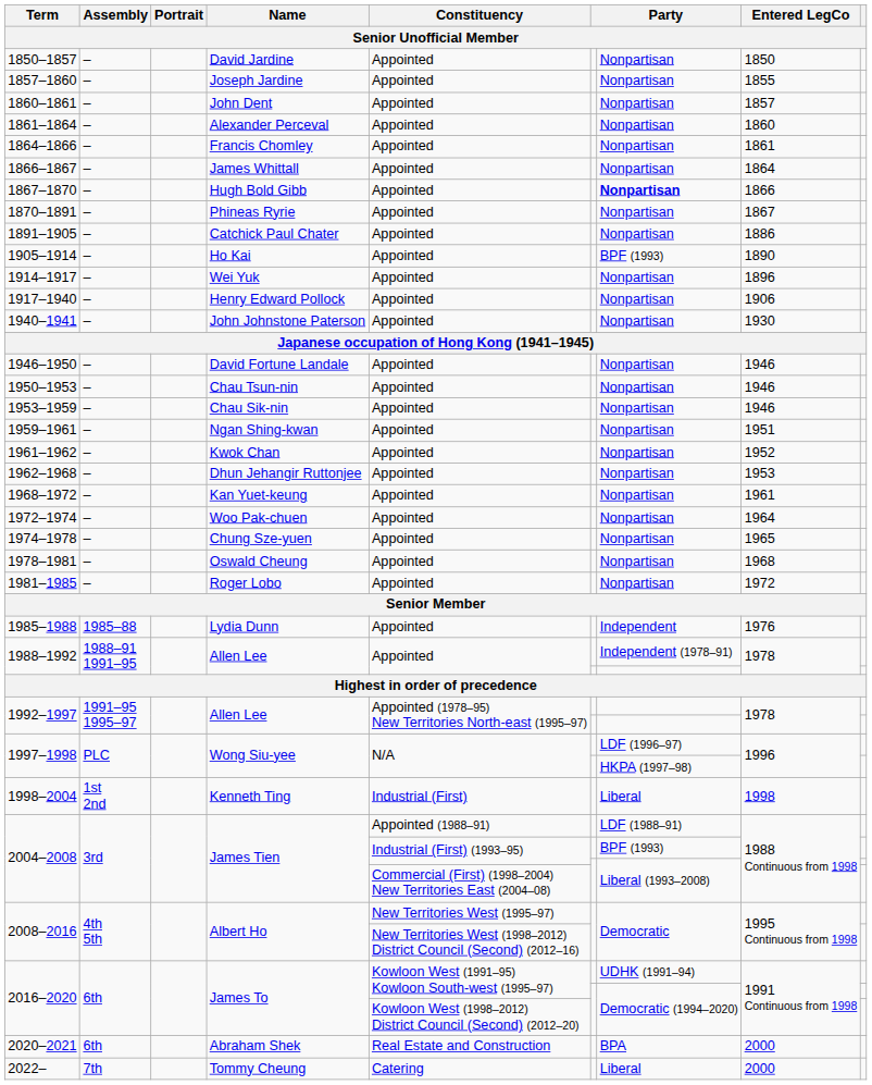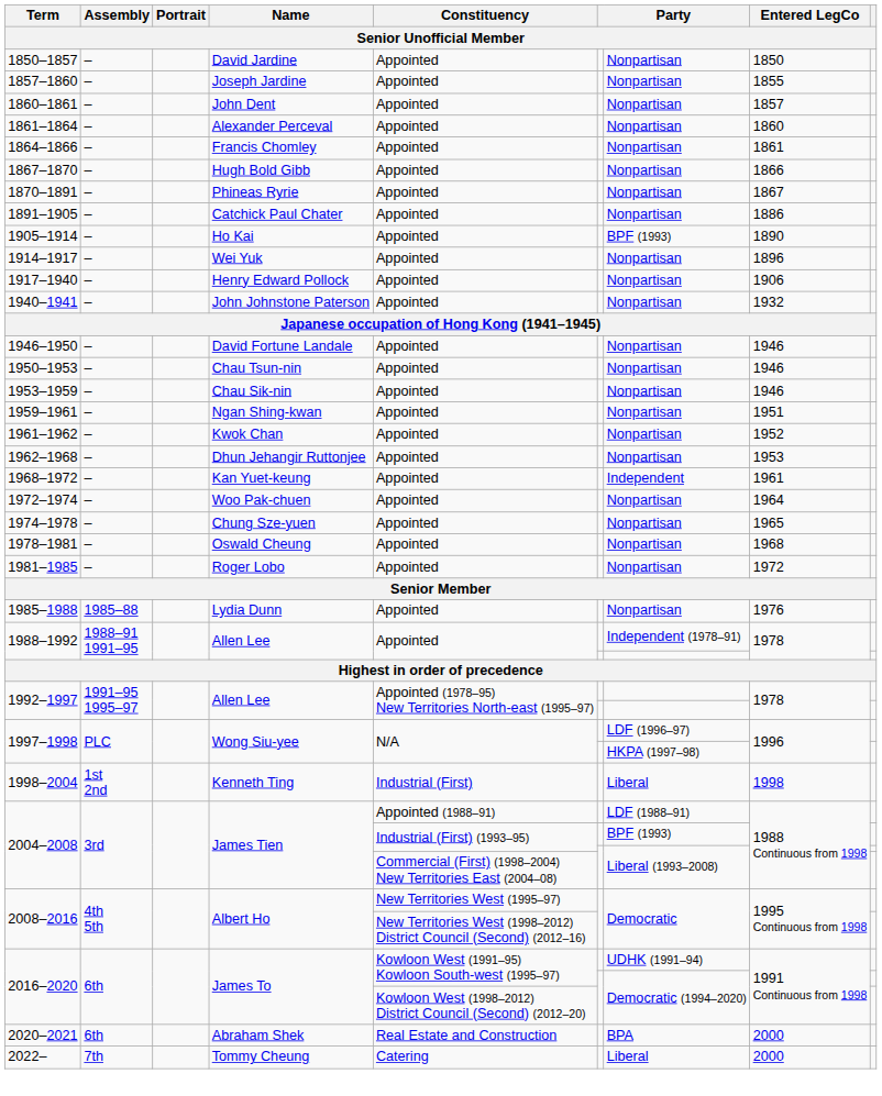 <table class="wikitable sortable">
 <tr>
 <th>Term</th>
 <th>Assembly</th>
 <th>Portrait</th>
 <th>Name</th>
 <th>Constituency</th>
 <th colspan=2>Party</th>
 <th>Entered LegCo</th>
 <th></th>
 </tr>
 <tr>
 <th colspan="9">Senior Unofficial Member</th>
 </tr>
 <tr>
 <td>1850–1857</td>
 <td>–</td>
 <td></td>
 <td><a href='#'>David Jardine</a></td>
 <td>Appointed</td>
 <td></td>
 <td><a href='#'>Nonpartisan</a></td>
 <td>1850</td>
 <td></td>
 </tr>
 <tr>
 <td>1857–1860</td>
 <td>–</td>
 <td></td>
 <td><a href='#'>Joseph Jardine</a></td>
 <td>Appointed</td>
 <td></td>
 <td><a href='#'>Nonpartisan</a></td>
 <td>1855</td>
 <td></td>
 </tr>
 <tr>
 <td>1860–1861</td>
 <td>–</td>
 <td></td>
 <td><a href='#'>John Dent</a></td>
 <td>Appointed</td>
 <td></td>
 <td><a href='#'>Nonpartisan</a></td>
 <td>1857</td>
 <td></td>
 </tr>
 <tr>
 <td>1861–1864</td>
 <td>–</td>
 <td></td>
 <td><a href='#'>Alexander Perceval</a></td>
 <td>Appointed</td>
 <td></td>
 <td><a href='#'>Nonpartisan</a></td>
 <td>1860</td>
 <td></td>
 </tr>
 <tr>
 <td>1864–1866</td>
 <td>–</td>
 <td></td>
 <td><a href='#'>Francis Chomley</a></td>
 <td>Appointed</td>
 <td></td>
 <td><a href='#'>Nonpartisan</a></td>
 <td>1861</td>
 <td></td>
 </tr>
 <tr>
-<td>1866–1867</td>
-<td>–</td>
-<td></td>
-<td><a href='#'>James Whittall</a></td>
-<td>Appointed</td>
-<td></td>
-<td><a href='#'>Nonpartisan</a></td>
-<td>1864</td>
-<td></td>
-</tr>
-<tr>
 <td>1867–1870</td>
 <td>–</td>
 <td></td>
 <td><a href='#'>Hugh Bold Gibb</a></td>
 <td>Appointed</td>
 <td></td>
-<td><strong><a href='#'>Nonpartisan</a></strong></td>
+<td><a href='#'>Nonpartisan</a></td>
 <td>1866</td>
 <td></td>
 </tr>
 <tr>
 <td>1870–1891</td>
 <td>–</td>
 <td></td>
 <td><a href='#'>Phineas Ryrie</a></td>
 <td>Appointed</td>
 <td></td>
 <td><a href='#'>Nonpartisan</a></td>
 <td>1867</td>
 <td></td>
 </tr>
 <tr>
 <td>1891–1905</td>
 <td>–</td>
 <td></td>
 <td><a href='#'>Catchick Paul Chater</a></td>
 <td>Appointed</td>
 <td></td>
 <td><a href='#'>Nonpartisan</a></td>
 <td>1886</td>
 <td></td>
 </tr>
 <tr>
 <td>1905–1914</td>
 <td>–</td>
 <td></td>
 <td><a href='#'>Ho Kai</a></td>
 <td>Appointed</td>
 <td></td>
 <td><a href='#'>BPF</a> <small>(1993)</small></td>
 <td>1890</td>
 <td></td>
 </tr>
 <tr>
 <td>1914–1917</td>
 <td>–</td>
 <td></td>
 <td><a href='#'>Wei Yuk</a></td>
 <td>Appointed</td>
 <td></td>
 <td><a href='#'>Nonpartisan</a></td>
 <td>1896</td>
 <td></td>
 </tr>
 <tr>
 <td>1917–1940</td>
 <td>–</td>
 <td></td>
 <td><a href='#'>Henry Edward Pollock</a></td>
 <td>Appointed</td>
 <td></td>
 <td><a href='#'>Nonpartisan</a></td>
 <td>1906</td>
 <td></td>
 </tr>
 <tr>
 <td>1940–<a href='#'>1941</a></td>
 <td>–</td>
 <td></td>
 <td><a href='#'>John Johnstone Paterson</a></td>
 <td>Appointed</td>
 <td></td>
 <td><a href='#'>Nonpartisan</a></td>
-<td>1930</td>
+<td>1932</td>
 <td></td>
 </tr>
 <tr>
 <th colspan="9"><a href='#'>Japanese occupation of Hong Kong</a> (1941–1945)</th>
 </tr>
 <tr>
 <td>1946–1950</td>
 <td>–</td>
 <td></td>
 <td><a href='#'>David Fortune Landale</a></td>
 <td>Appointed</td>
 <td></td>
 <td><a href='#'>Nonpartisan</a></td>
 <td>1946</td>
 <td></td>
 </tr>
 <tr>
 <td>1950–1953</td>
 <td>–</td>
 <td></td>
 <td><a href='#'>Chau Tsun-nin</a></td>
 <td>Appointed</td>
 <td></td>
 <td><a href='#'>Nonpartisan</a></td>
 <td>1946</td>
 <td></td>
 </tr>
 <tr>
 <td>1953–1959</td>
 <td>–</td>
 <td></td>
 <td><a href='#'>Chau Sik-nin</a></td>
 <td>Appointed</td>
 <td></td>
 <td><a href='#'>Nonpartisan</a></td>
 <td>1946</td>
 <td></td>
 </tr>
 <tr>
 <td>1959–1961</td>
 <td>–</td>
 <td></td>
 <td><a href='#'>Ngan Shing-kwan</a></td>
 <td>Appointed</td>
 <td></td>
 <td><a href='#'>Nonpartisan</a></td>
 <td>1951</td>
 <td></td>
 </tr>
 <tr>
 <td>1961–1962</td>
 <td>–</td>
 <td></td>
 <td><a href='#'>Kwok Chan</a></td>
 <td>Appointed</td>
 <td></td>
 <td><a href='#'>Nonpartisan</a></td>
 <td>1952</td>
 <td></td>
 </tr>
 <tr>
 <td>1962–1968</td>
 <td>–</td>
 <td></td>
 <td><a href='#'>Dhun Jehangir Ruttonjee</a></td>
 <td>Appointed</td>
 <td></td>
 <td><a href='#'>Nonpartisan</a></td>
 <td>1953</td>
 <td></td>
 </tr>
 <tr>
 <td>1968–1972</td>
 <td>–</td>
 <td></td>
 <td><a href='#'>Kan Yuet-keung</a></td>
 <td>Appointed</td>
 <td></td>
-<td><a href='#'>Nonpartisan</a></td>
+<td><a href='#'>Independent</a></td>
 <td>1961</td>
 <td></td>
 </tr>
 <tr>
 <td>1972–1974</td>
 <td>–</td>
 <td></td>
 <td><a href='#'>Woo Pak-chuen</a></td>
 <td>Appointed</td>
 <td></td>
 <td><a href='#'>Nonpartisan</a></td>
 <td>1964</td>
 <td></td>
 </tr>
 <tr>
 <td>1974–1978</td>
 <td>–</td>
 <td></td>
 <td><a href='#'>Chung Sze-yuen</a></td>
 <td>Appointed</td>
 <td></td>
 <td><a href='#'>Nonpartisan</a></td>
 <td>1965</td>
 <td></td>
 </tr>
 <tr>
 <td>1978–1981</td>
 <td>–</td>
 <td></td>
 <td><a href='#'>Oswald Cheung</a></td>
 <td>Appointed</td>
 <td></td>
 <td><a href='#'>Nonpartisan</a></td>
 <td>1968</td>
 <td></td>
 </tr>
 <tr>
 <td>1981–<a href='#'>1985</a></td>
 <td>–</td>
 <td></td>
 <td><a href='#'>Roger Lobo</a></td>
 <td>Appointed</td>
 <td></td>
 <td><a href='#'>Nonpartisan</a></td>
 <td>1972</td>
 <td></td>
 </tr>
 <tr>
 <th colspan="9">Senior Member</th>
 </tr>
 <tr>
 <td>1985–<a href='#'>1988</a></td>
 <td><a href='#'>1985–88</a></td>
 <td></td>
 <td><a href='#'>Lydia Dunn</a></td>
 <td>Appointed</td>
 <td></td>
-<td><a href='#'>Independent</a></td>
+<td><a href='#'>Nonpartisan</a></td>
 <td>1976</td>
 <td></td>
 </tr>
 <tr>
 <td rowspan="2">1988–1992</td>
 <td rowspan="2"><a href='#'>1988–91</a><br><a href='#'>1991–95</a></td>
 <td rowspan="2"></td>
 <td rowspan="2"><a href='#'>Allen Lee</a></td>
 <td rowspan="2">Appointed</td>
 <td></td>
 <td><a href='#'>Independent</a> <small>(1978–91)</small></td>
 <td rowspan="2">1978</td>
 <td></td>
 </tr>
 <tr>
 <td></td>
 <td></td>
 <td></td>
 </tr>
 <tr>
 <th colspan="9">Highest in order of precedence</th>
 </tr>
 <tr>
 <td rowspan="2">1992–<a href='#'>1997</a></td>
 <td rowspan="2"><a href='#'>1991–95</a><br><a href='#'>1995–97</a></td>
 <td rowspan="2"></td>
 <td rowspan="2"><a href='#'>Allen Lee</a></td>
 <td rowspan="2">Appointed <small>(1978–95)</small><br><a href='#'>New Territories North-east</a> <small>(1995–97)</small></td>
 <td></td>
 <td></td>
 <td rowspan="2">1978</td>
 <td></td>
 </tr>
 <tr>
 <td></td>
 <td></td>
 <td></td>
 </tr>
 <tr>
 <td rowspan="2">1997–<a href='#'>1998</a></td>
 <td rowspan="2"><a href='#'>PLC</a></td>
 <td rowspan="2"></td>
 <td rowspan="2"><a href='#'>Wong Siu-yee</a></td>
 <td rowspan="2">N/A</td>
 <td></td>
 <td><a href='#'>LDF</a> <small>(1996–97)</small></td>
 <td rowspan="2">1996</td>
 <td></td>
 </tr>
 <tr>
 <td></td>
 <td><a href='#'>HKPA</a> <small>(1997–98)</small></td>
 <td></td>
 </tr>
 <tr>
 <td>1998–<a href='#'>2004</a></td>
 <td><a href='#'>1st</a><br><a href='#'>2nd</a></td>
 <td></td>
 <td><a href='#'>Kenneth Ting</a></td>
 <td><a href='#'>Industrial (First)</a></td>
 <td></td>
 <td><a href='#'>Liberal</a></td>
 <td><a href='#'>1998</a></td>
 <td></td>
 </tr>
 <tr>
 <td rowspan="4">2004–<a href='#'>2008</a></td>
 <td rowspan="4"><a href='#'>3rd</a></td>
 <td rowspan="4"></td>
 <td rowspan="4"><a href='#'>James Tien</a></td>
 <td>Appointed <small>(1988–91)</small></td>
 <td></td>
 <td><a href='#'>LDF</a> <small>(1988–91)</small></td>
 <td rowspan="4">1988<br><small>Continuous from <a href='#'>1998</a></small></td>
 <td></td>
 </tr>
 <tr>
 <td rowspan="2"><a href='#'>Industrial (First)</a> <small>(1993–95)</small></td>
 <td></td>
 <td><a href='#'>BPF</a> <small>(1993)</small></td>
 <td></td>
 </tr>
 <tr>
 <td rowspan="2"></td>
 <td rowspan="2"><a href='#'>Liberal</a> <small>(1993–2008)</small></td>
 <td></td>
 </tr>
 <tr>
 <td><a href='#'>Commercial (First)</a> <small>(1998–2004)</small><br><a href='#'>New Territories East</a> <small>(2004–08)</small></td>
 <td></td>
 </tr>
 <tr>
 <td rowspan="2">2008–<a href='#'>2016</a></td>
 <td rowspan="2"><a href='#'>4th</a><br><a href='#'>5th</a></td>
 <td rowspan="2"></td>
 <td rowspan="2"><a href='#'>Albert Ho</a></td>
 <td><a href='#'>New Territories West</a> <small>(1995–97)</small></td>
 <td rowspan="2"></td>
 <td rowspan="2"><a href='#'>Democratic</a></td>
 <td rowspan="2">1995<br><small>Continuous from <a href='#'>1998</a></small></td>
 <td></td>
 </tr>
 <tr>
 <td><a href='#'>New Territories West</a> <small>(1998–2012)</small><br><a href='#'>District Council (Second)</a> <small>(2012–16)</small></td>
 <td></td>
 </tr>
 <tr>
 <td rowspan="3">2016–<a href='#'>2020</a></td>
 <td rowspan="3"><a href='#'>6th</a></td>
 <td rowspan="3"></td>
 <td rowspan="3"><a href='#'>James To</a></td>
 <td rowspan="2"><a href='#'>Kowloon West</a> <small>(1991–95)</small><br><a href='#'>Kowloon South-west</a> <small>(1995–97)</small></td>
 <td></td>
 <td><a href='#'>UDHK</a> <small>(1991–94)</small></td>
 <td rowspan="3">1991<br><small>Continuous from <a href='#'>1998</a></small></td>
 <td></td>
 </tr>
 <tr>
 <td rowspan="2"></td>
 <td rowspan="2"><a href='#'>Democratic</a> <small>(1994–2020)</small></td>
 <td></td>
 </tr>
 <tr>
 <td><a href='#'>Kowloon West</a> <small>(1998–2012)</small><br><a href='#'>District Council (Second)</a> <small>(2012–20)</small></td>
 <td></td>
 </tr>
 <tr>
 <td>2020–<a href='#'>2021</a></td>
 <td><a href='#'>6th</a></td>
 <td></td>
 <td><a href='#'>Abraham Shek</a></td>
 <td><a href='#'>Real Estate and Construction</a></td>
 <td></td>
 <td><a href='#'>BPA</a></td>
 <td><a href='#'>2000</a></td>
 <td></td>
 </tr>
 <tr>
 <td>2022–</td>
 <td><a href='#'>7th</a></td>
 <td></td>
 <td><a href='#'>Tommy Cheung</a></td>
 <td><a href='#'>Catering</a></td>
 <td></td>
 <td><a href='#'>Liberal</a></td>
 <td><a href='#'>2000</a></td>
 <td></td>
 </tr>
 </table>
